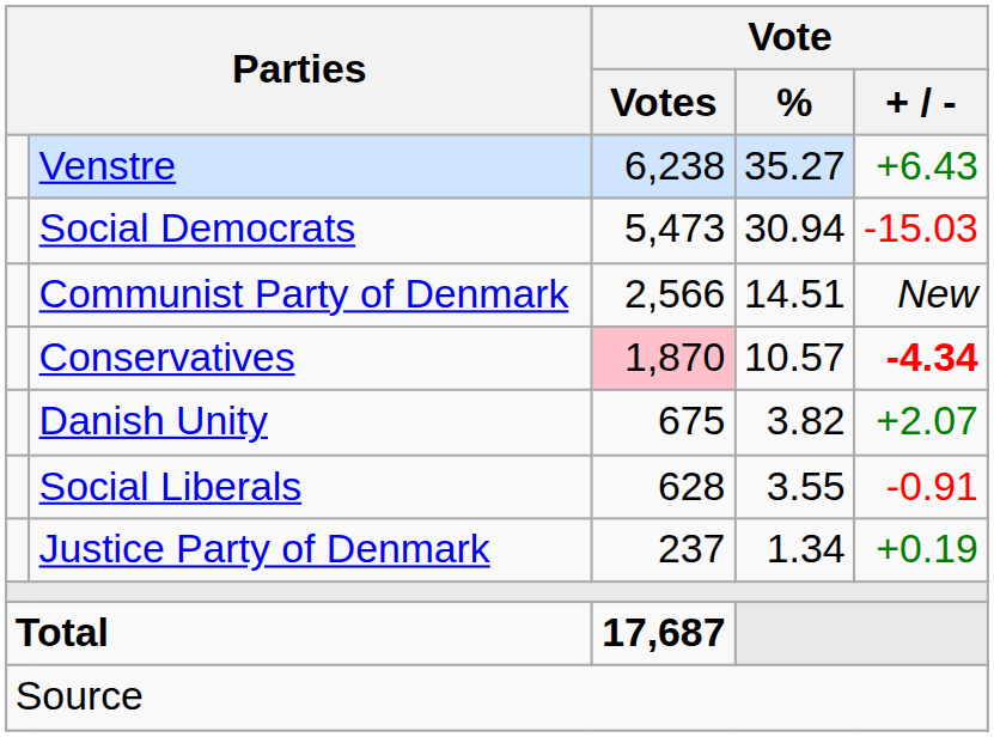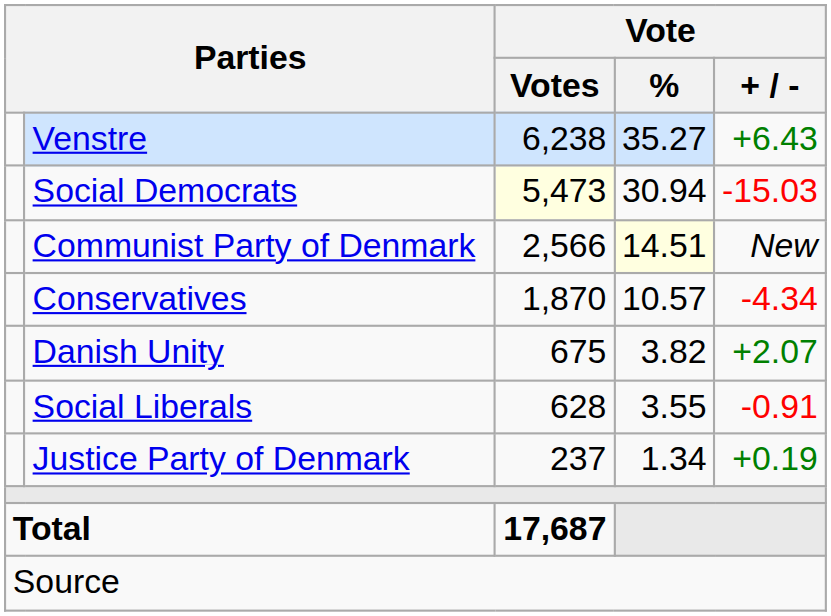 <table class="wikitable" style="text-align:right;">
 <tr>
 <th style="text-align:centre;" rowspan="2" colspan="2" width="225">Parties</th>
 <th colspan="3">Vote</th>
 </tr>
 <tr>
 <th width="15">Votes</th>
 <th width="15">%</th>
 <th width="15">+ / -</th>
 </tr>
 <tr>
 <td width="2" style="color:inherit;background:"></td>
 <td bgcolor=#cfe5fe  align="left"><a href='#'>Venstre</a></td>
 <td bgcolor=#cfe5fe>6,238</td>
 <td bgcolor=#cfe5fe>35.27</td>
 <td style=color:green;>+6.43</td>
 </tr>
 <tr>
 <td width="2" style="color:inherit;background:"></td>
 <td align="left"><a href='#'>Social Democrats</a></td>
-<td>5,473</td>
+<td style="background: lightyellow;">5,473</td>
 <td>30.94</td>
 <td style=color:red;>-15.03</td>
 </tr>
 <tr>
 <td width="2" style="color:inherit;background:"></td>
 <td align="left"><a href='#'>Communist Party of Denmark</a></td>
 <td>2,566</td>
-<td>14.51</td>
+<td style="background: lightyellow;">14.51</td>
 <td><em>New</em></td>
 </tr>
 <tr>
 <td width="2" style="color:inherit;background:"></td>
 <td align="left"><a href='#'>Conservatives</a></td>
-<td style="background: pink;">1,870</td>
+<td>1,870</td>
 <td>10.57</td>
-<td style=color:red;><strong>-4.34</strong></td>
+<td style=color:red;>-4.34</td>
 </tr>
 <tr>
 <td width="2" style="color:inherit;background:"></td>
 <td align="left"><a href='#'>Danish Unity</a></td>
 <td>675</td>
 <td>3.82</td>
 <td style=color:green;>+2.07</td>
 </tr>
 <tr>
 <td width="2" style="color:inherit;background:"></td>
 <td align="left"><a href='#'>Social Liberals</a></td>
 <td>628</td>
 <td>3.55</td>
 <td style=color:red;>-0.91</td>
 </tr>
 <tr>
 <td width="2" style="color:inherit;background:"></td>
 <td align="left"><a href='#'>Justice Party of Denmark</a></td>
 <td>237</td>
 <td>1.34</td>
 <td style=color:green;>+0.19</td>
 </tr>
 <tr>
 <td colspan="7" bgcolor="#E9E9E9"></td>
 </tr>
 <tr>
 <td align="left" colspan="2"><strong>Total</strong></td>
 <td><strong>17,687</strong></td>
 <td bgcolor="#E9E9E9" colspan="2"></td>
 </tr>
 <tr>
 <td align="left" colspan="6">Source</td>
 </tr>
 </table>
